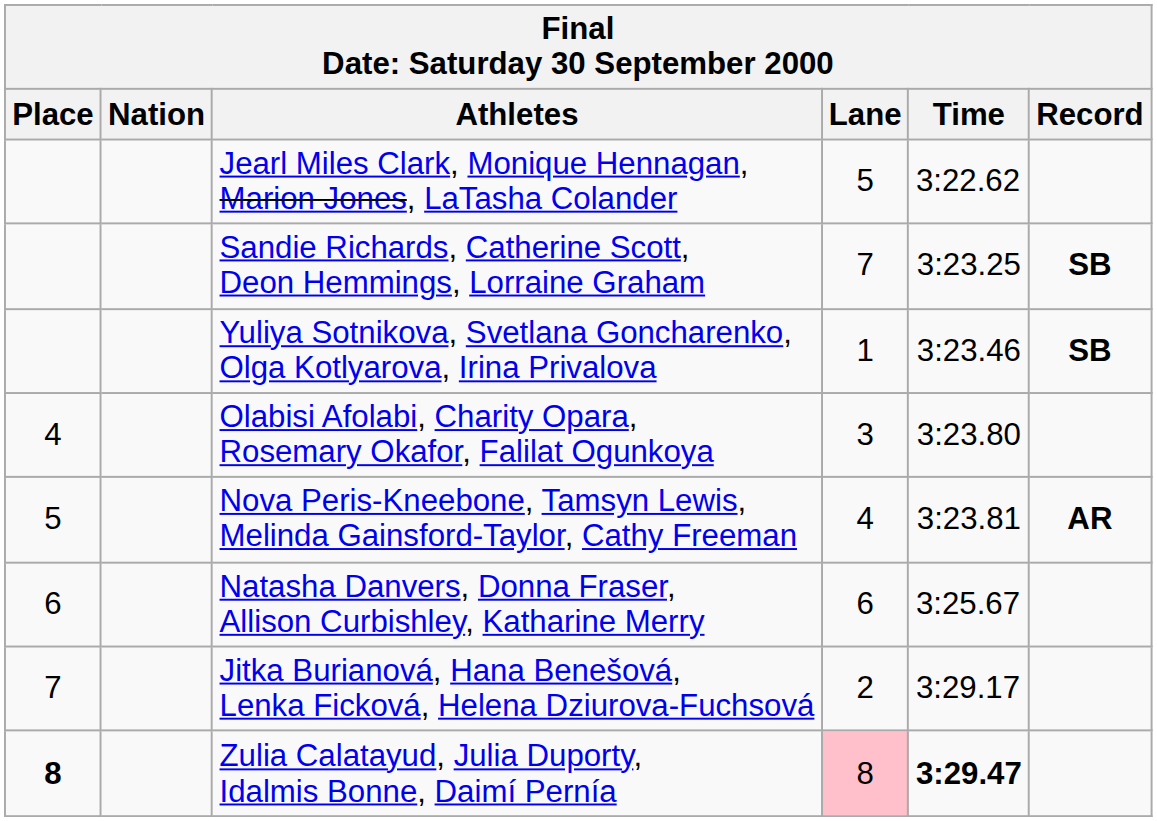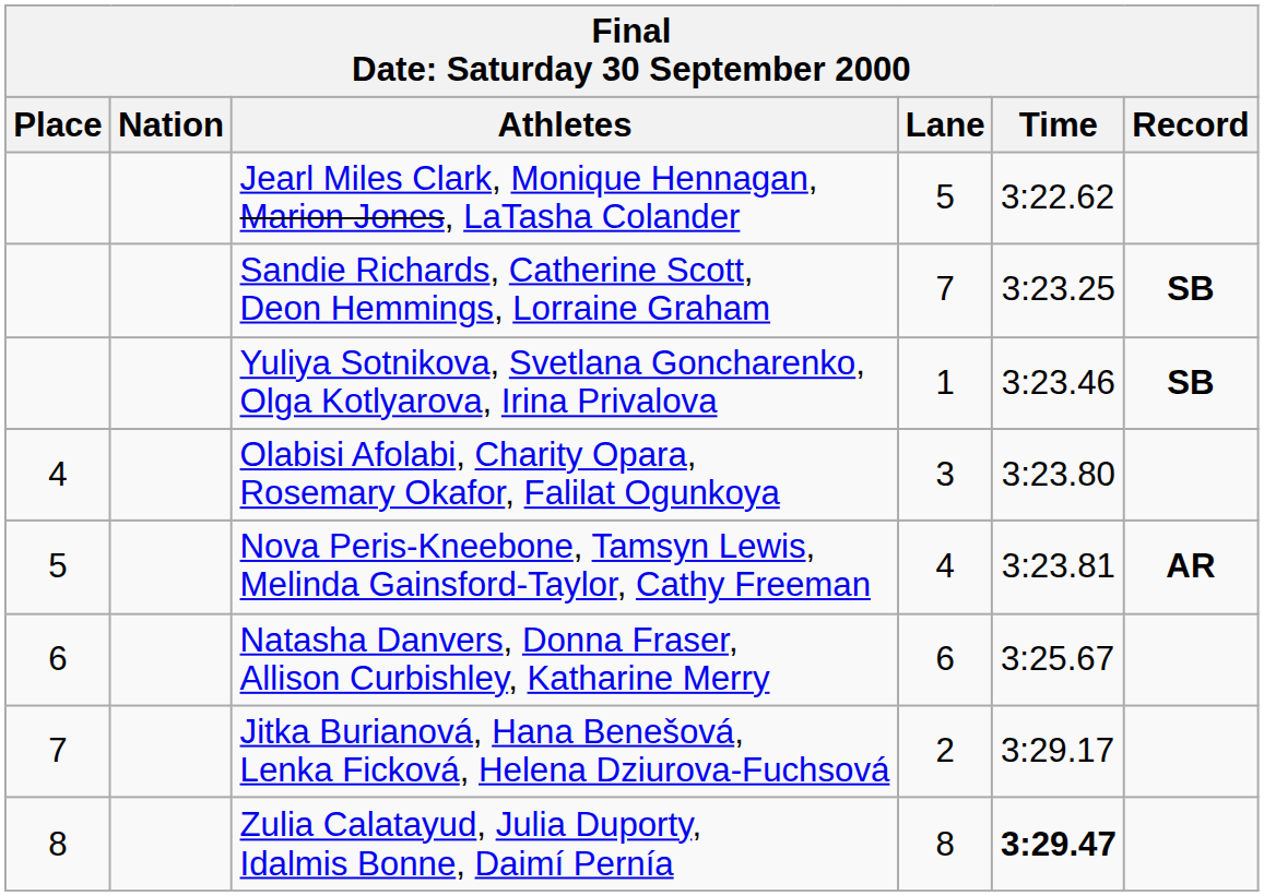 <table class="wikitable sortable">
 <tr>
 <th colspan=9>Final <br> Date: Saturday 30 September 2000</th>
 </tr>
 <tr>
 <th>Place</th>
 <th>Nation</th>
 <th>Athletes</th>
 <th>Lane</th>
 <th>Time</th>
 <th>Record</th>
 </tr>
 <tr>
 <td align=center></td>
 <td align=left></td>
 <td align=left><a href='#'>Jearl Miles Clark</a>, <a href='#'>Monique Hennagan</a>,<br><s><a href='#'>Marion Jones</a></s>, <a href='#'>LaTasha Colander</a></td>
 <td align=center>5</td>
 <td>3:22.62</td>
 <td align=center></td>
 </tr>
 <tr>
 <td align=center></td>
 <td align=left></td>
 <td align=left><a href='#'>Sandie Richards</a>, <a href='#'>Catherine Scott</a>,<br><a href='#'>Deon Hemmings</a>, <a href='#'>Lorraine Graham</a></td>
 <td align=center>7</td>
 <td align=center>3:23.25</td>
 <td align=center><strong>SB </strong></td>
 </tr>
 <tr>
 <td align=center></td>
 <td align=left></td>
 <td align=left><a href='#'>Yuliya Sotnikova</a>, <a href='#'>Svetlana Goncharenko</a>,<br><a href='#'>Olga Kotlyarova</a>, <a href='#'>Irina Privalova</a></td>
 <td align=center>1</td>
 <td align=center>3:23.46</td>
 <td align=center><strong>SB</strong></td>
 </tr>
 <tr>
 <td align=center>4</td>
 <td align=left></td>
 <td align=left><a href='#'>Olabisi Afolabi</a>, <a href='#'>Charity Opara</a>,<br><a href='#'>Rosemary Okafor</a>, <a href='#'>Falilat Ogunkoya</a></td>
 <td align=center>3</td>
 <td align=center>3:23.80</td>
 <td align=center></td>
 </tr>
 <tr>
 <td align=center>5</td>
 <td align=left></td>
 <td align=left><a href='#'>Nova Peris-Kneebone</a>, <a href='#'>Tamsyn Lewis</a>,<br><a href='#'>Melinda Gainsford-Taylor</a>, <a href='#'>Cathy Freeman</a></td>
 <td align=center>4</td>
 <td align=center>3:23.81</td>
 <td align=center><strong>AR </strong></td>
 </tr>
 <tr>
 <td align=center>6</td>
 <td align=left></td>
 <td align=left><a href='#'>Natasha Danvers</a>, <a href='#'>Donna Fraser</a>,<br><a href='#'>Allison Curbishley</a>, <a href='#'>Katharine Merry</a></td>
 <td align=center>6</td>
 <td>3:25.67</td>
 <td align=center></td>
 </tr>
 <tr>
 <td align=center>7</td>
 <td align=left></td>
 <td align=left><a href='#'>Jitka Burianová</a>, <a href='#'>Hana Benešová</a>,<br><a href='#'>Lenka Ficková</a>, <a href='#'>Helena Dziurova-Fuchsová</a></td>
 <td align=center>2</td>
 <td>3:29.17</td>
 <td align=center></td>
 </tr>
 <tr>
-<td align=center><strong>8</strong></td>
+<td align=center>8</td>
 <td align=left></td>
 <td align=left><a href='#'>Zulia Calatayud</a>, <a href='#'>Julia Duporty</a>,<br><a href='#'>Idalmis Bonne</a>, <a href='#'>Daimí Pernía</a></td>
-<td align=center style="background: pink;">8</td>
+<td align=center>8</td>
 <td><strong>3:29.47</strong></td>
 <td align=center></td>
 </tr>
 </table>
